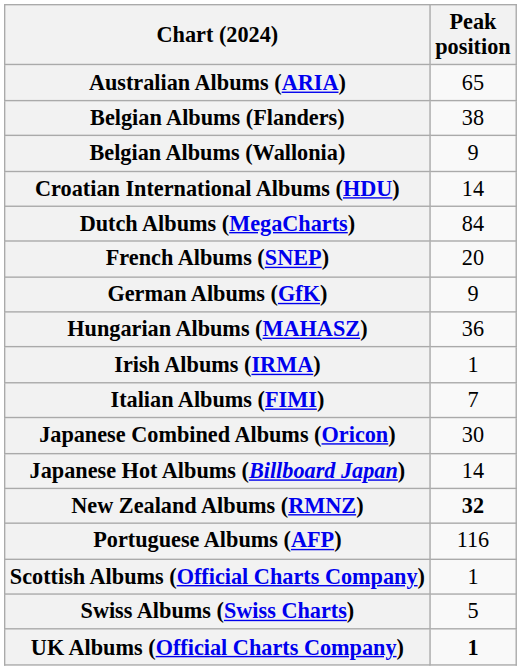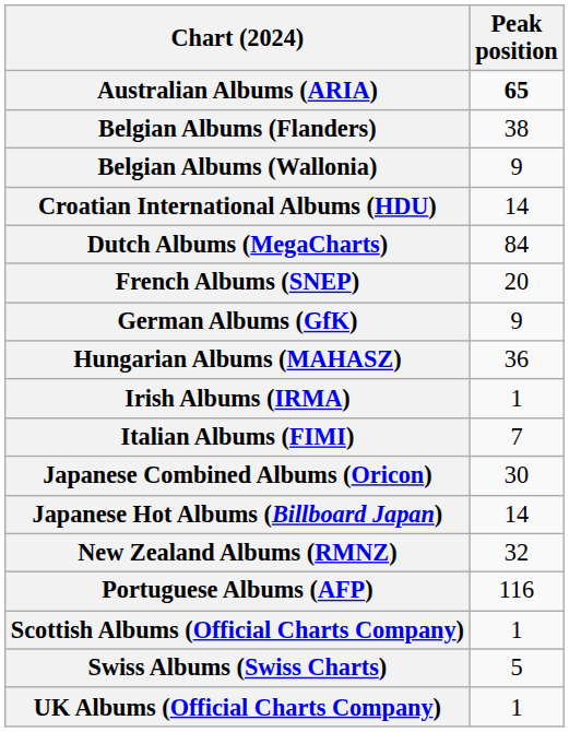 <table class="wikitable sortable plainrowheaders" style="text-align:center;">
 <tr>
 <th scope="col">Chart (2024)</th>
 <th scope="col">Peak<br>position</th>
 </tr>
 <tr>
 <th scope="row">Australian Albums (<a href='#'>ARIA</a>)</th>
-<td>65</td>
+<td><strong>65</strong></td>
 </tr>
 <tr>
 <th scope="row">Belgian Albums (Flanders)</th>
 <td>38</td>
 </tr>
 <tr>
 <th scope="row">Belgian Albums (Wallonia)</th>
 <td>9</td>
 </tr>
 <tr>
 <th scope="row">Croatian International Albums (<a href='#'>HDU</a>)</th>
 <td>14</td>
 </tr>
 <tr>
 <th scope="row">Dutch Albums (<a href='#'>MegaCharts</a>)</th>
 <td>84</td>
 </tr>
 <tr>
 <th scope="row">French Albums (<a href='#'>SNEP</a>)</th>
 <td>20</td>
 </tr>
 <tr>
 <th scope="row">German Albums (<a href='#'>GfK</a>)</th>
 <td>9</td>
 </tr>
 <tr>
 <th scope="row">Hungarian Albums (<a href='#'>MAHASZ</a>)</th>
 <td>36</td>
 </tr>
 <tr>
 <th scope="row">Irish Albums (<a href='#'>IRMA</a>)</th>
 <td>1</td>
 </tr>
 <tr>
 <th scope="row">Italian Albums (<a href='#'>FIMI</a>)</th>
 <td>7</td>
 </tr>
 <tr>
 <th scope="row">Japanese Combined Albums (<a href='#'>Oricon</a>)</th>
 <td>30</td>
 </tr>
 <tr>
 <th scope="row">Japanese Hot Albums (<em><a href='#'>Billboard Japan</a></em>)</th>
 <td>14</td>
 </tr>
 <tr>
 <th scope="row">New Zealand Albums (<a href='#'>RMNZ</a>)</th>
-<td><strong>32</strong></td>
+<td>32</td>
 </tr>
 <tr>
 <th scope="row">Portuguese Albums (<a href='#'>AFP</a>)</th>
 <td>116</td>
 </tr>
 <tr>
 <th scope="row">Scottish Albums (<a href='#'>Official Charts Company</a>)</th>
 <td>1</td>
 </tr>
 <tr>
 <th scope="row">Swiss Albums (<a href='#'>Swiss Charts</a>)</th>
 <td>5</td>
 </tr>
 <tr>
 <th scope="row">UK Albums (<a href='#'>Official Charts Company</a>)</th>
-<td><strong>1</strong></td>
+<td>1</td>
 </tr>
 </table>
